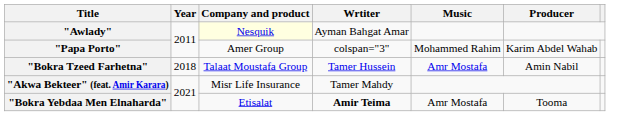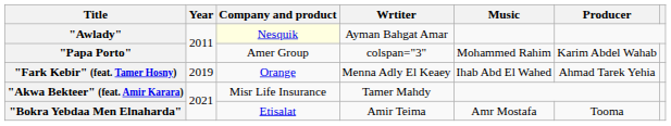 <table class="wikitable plainrowheaders" style="text-align:center;">
 <tr>
 <th scope="col">Title</th>
 <th scope="col">Year</th>
 <th scope="col">Company and product</th>
 <th scope="col">Wrtiter</th>
 <th scope="col">Music</th>
 <th scope="col">Producer</th>
 <th scope="col"></th>
 </tr>
 <tr>
 <th scope="row">"Awlady"</th>
 <td rowspan="2">2011</td>
 <td style="background: lightyellow;"><a href='#'>Nesquik</a></td>
 <td>Ayman Bahgat Amar</td>
 <td></td>
 </tr>
 <tr>
 <th scope="row">"Papa Porto"</th>
 <td>Amer Group</td>
 <td>colspan="3" </td>
 <td>Mohammed Rahim</td>
 <td>Karim Abdel Wahab</td>
 <td></td>
 </tr>
 <tr>
-<th scope="row">"Bokra Tzeed Farhetna"</th>
-<td>2018</td>
-<td><a href='#'>Talaat Moustafa Group</a></td>
-<td><a href='#'>Tamer Hussein</a></td>
-<td><a href='#'>Amr Mostafa</a></td>
-<td>Amin Nabil</td>
+<th scope="row">"Fark Kebir" <small>(feat. <a href='#'>Tamer Hosny</a>)</small></th>
+<td>2019</td>
+<td><a href='#'>Orange</a></td>
+<td>Menna Adly El Keaey</td>
+<td>Ihab Abd El Wahed</td>
+<td>Ahmad Tarek Yehia</td>
 <td></td>
 </tr>
 <tr>
 <th scope="row">"Akwa Bekteer" <small>(feat. <a href='#'>Amir Karara</a>)</small></th>
 <td rowspan="2">2021</td>
 <td>Misr Life Insurance</td>
 <td>Tamer Mahdy</td>
 <td colspan="2"></td>
 <td></td>
 </tr>
 <tr>
 <th scope="row">"Bokra Yebdaa Men Elnaharda"</th>
 <td><a href='#'>Etisalat</a></td>
-<td><strong>Amir Teima</strong></td>
+<td>Amir Teima</td>
 <td>Amr Mostafa</td>
 <td>Tooma</td>
 <td></td>
 </tr>
 </table>
